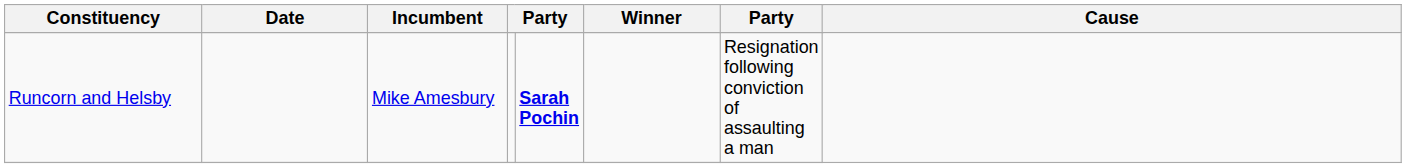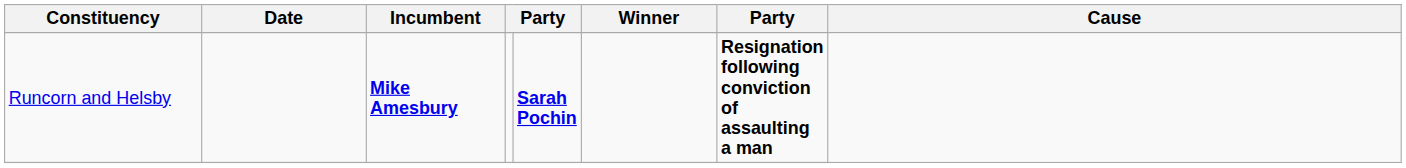 <table class="wikitable">
 <tr>
 <th ! scope="col" style="width: 175px;">Constituency</th>
 <th ! scope="col" style="width: 150px;">Date</th>
 <th ! scope="col" style="width: 120px;">Incumbent</th>
 <th ! scope="col" style="width: 50px;" colspan=2>Party</th>
 <th ! scope="col" style="width: 120px;">Winner</th>
 <th ! scope="col" style="width: 25px;" colspan=2>Party</th>
 <th ! scope="col" style="width: 550px;">Cause</th>
 </tr>
 <tr>
 </tr>
 <tr>
 </tr>
 <tr>
 <td><a href='#'>Runcorn and Helsby</a></td>
 <td></td>
-<td><a href='#'>Mike Amesbury</a></td>
+<td><strong><a href='#'>Mike Amesbury</a></strong></td>
 <td></td>
 <td><br><strong><a href='#'>Sarah Pochin</a></strong></td>
 <td></td>
-<td>Resignation following conviction of assaulting a man</td>
+<td><strong>Resignation following conviction of assaulting a man</strong></td>
 </tr>
 <tr>
 </tr>
 </table>
